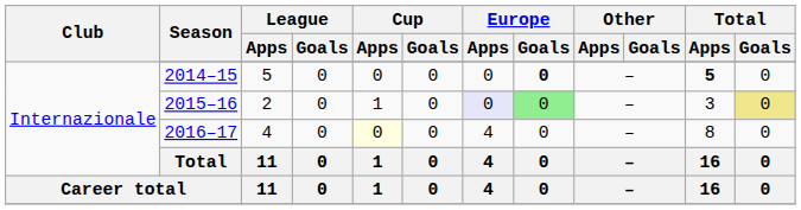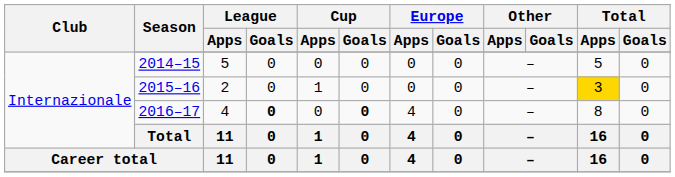 <table class="wikitable" style="text-align: center;">
 <tr>
 <th rowspan="2">Club</th>
 <th rowspan="2">Season</th>
 <th colspan="2">League</th>
 <th colspan="2">Cup</th>
 <th colspan="2"><a href='#'>Europe</a></th>
 <th colspan="2">Other</th>
 <th colspan="2">Total</th>
 </tr>
 <tr>
 <th>Apps</th>
 <th>Goals</th>
 <th>Apps</th>
 <th>Goals</th>
 <th>Apps</th>
 <th>Goals</th>
 <th>Apps</th>
 <th>Goals</th>
 <th>Apps</th>
 <th>Goals</th>
 </tr>
 <tr>
 <td rowspan="5" valign="center"><a href='#'>Internazionale</a></td>
 </tr>
 <tr>
 <td><a href='#'>2014–15</a></td>
 <td>5</td>
 <td>0</td>
 <td>0</td>
 <td>0</td>
 <td>0</td>
-<td><strong>0</strong></td>
+<td>0</td>
 <td colspan="2">–</td>
-<td><strong>5</strong></td>
+<td>5</td>
 <td>0</td>
 </tr>
 <tr>
 <td><a href='#'>2015–16</a></td>
 <td>2</td>
 <td>0</td>
 <td>1</td>
 <td>0</td>
-<td style="background: lavender;">0</td>
-<td style="background: lightgreen;">0</td>
+<td>0</td>
+<td>0</td>
 <td colspan="2">–</td>
-<td>3</td>
-<td style="background: khaki;">0</td>
+<td style="background: gold;">3</td>
+<td>0</td>
 </tr>
 <tr>
 <td><a href='#'>2016–17</a></td>
 <td>4</td>
+<td><strong>0</strong></td>
 <td>0</td>
-<td style="background: lightyellow;">0</td>
-<td>0</td>
+<td><strong>0</strong></td>
 <td>4</td>
 <td>0</td>
 <td colspan="2">–</td>
 <td>8</td>
 <td>0</td>
 </tr>
 <tr>
 <th>Total</th>
 <th>11</th>
 <th>0</th>
 <th>1</th>
 <th>0</th>
 <th>4</th>
 <th>0</th>
 <th colspan="2">–</th>
 <th>16</th>
 <th>0</th>
 </tr>
 <tr>
 <th colspan="2">Career total</th>
 <th>11</th>
 <th>0</th>
 <th>1</th>
 <th>0</th>
 <th>4</th>
 <th>0</th>
 <th colspan="2">–</th>
 <th>16</th>
 <th>0</th>
 </tr>
 <tr>
 </tr>
 </table>
